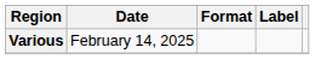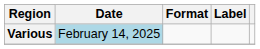 <table class="wikitable plainrowheaders">
 <tr>
 <th scope="col">Region</th>
 <th scope="col">Date</th>
 <th scope="col">Format</th>
 <th scope="col">Label</th>
 <th scope="col"></th>
 </tr>
 <tr>
 <th scope="row">Various</th>
-<td>February 14, 2025</td>
+<td style="background: lightblue;">February 14, 2025</td>
 <td></td>
 <td></td>
 <td style="text-align:center"></td>
 </tr>
 <tr>
 </tr>
 </table>
